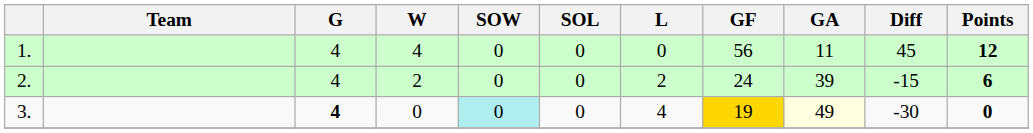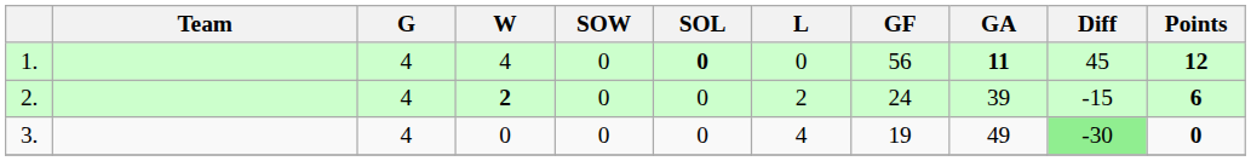 <table class=wikitable style="text-align:center">
 <tr bgcolor="#DCDCDC">
 <th width="25"></th>
 <th width="200">Team</th>
 <th width="60">G</th>
 <th width="60">W</th>
 <th width="60">SOW</th>
 <th width="60">SOL</th>
 <th width="60">L</th>
 <th width="60">GF</th>
 <th width="60">GA</th>
 <th width="60">Diff</th>
 <th width="60">Points</th>
 </tr>
 <tr bgcolor=ccffcc>
 <td>1.</td>
 <td align=left></td>
 <td>4</td>
 <td>4</td>
 <td>0</td>
-<td>0</td>
+<td><strong>0</strong></td>
 <td>0</td>
 <td>56</td>
-<td>11</td>
+<td><strong>11</strong></td>
 <td>45</td>
 <td><strong>12</strong></td>
 </tr>
 <tr bgcolor=ccffcc>
 <td>2.</td>
 <td align=left></td>
 <td>4</td>
-<td>2</td>
+<td><strong>2</strong></td>
 <td>0</td>
 <td>0</td>
 <td>2</td>
 <td>24</td>
 <td>39</td>
 <td>-15</td>
 <td><strong>6</strong></td>
 </tr>
 <tr>
 <td>3.</td>
 <td align=left></td>
-<td><strong>4</strong></td>
+<td>4</td>
 <td>0</td>
-<td style="background: paleturquoise;">0</td>
+<td>0</td>
 <td>0</td>
 <td>4</td>
-<td style="background: gold;">19</td>
-<td style="background: lightyellow;">49</td>
-<td>-30</td>
+<td>19</td>
+<td>49</td>
+<td style="background: lightgreen;">-30</td>
 <td><strong>0</strong></td>
 </tr>
 <tr>
 </tr>
 </table>
